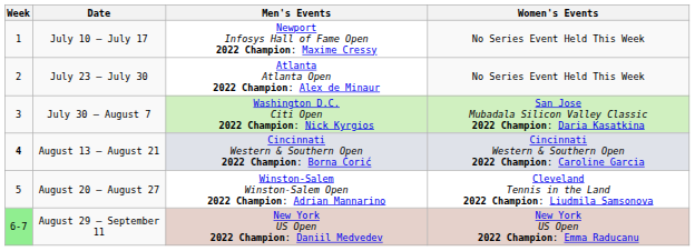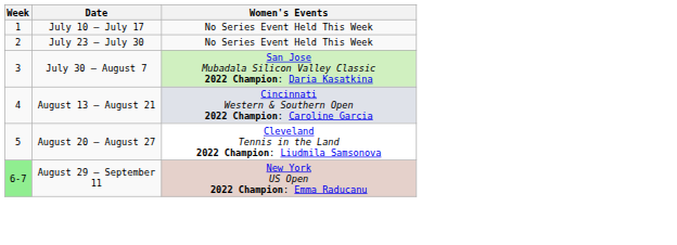 <table class="wikitable">
 <tr>
 <th width=30>Week</th>
 <th width=175>Date</th>
-<th width=350>Men's Events</th>
 <th width=350>Women's Events</th>
 </tr>
 <tr align=center>
 <td>1</td>
 <td>July 10 – July 17</td>
-<td bgcolor="#ffffff"><a href='#'>Newport</a><br><em>Infosys Hall of Fame Open</em><br><strong>2022 Champion</strong>:  <a href='#'>Maxime Cressy</a></td>
 <td>No Series Event Held This Week</td>
 </tr>
 <tr align=center>
 <td>2</td>
 <td>July 23 – July 30</td>
-<td bgcolor="#ffffff"><a href='#'>Atlanta</a><br><em>Atlanta Open</em><br><strong>2022 Champion</strong>:  <a href='#'>Alex de Minaur</a></td>
 <td>No Series Event Held This Week</td>
 </tr>
 <tr align=center>
 <td>3</td>
 <td>July 30 – August 7</td>
-<td bgcolor="#d0f0c0 "><a href='#'>Washington D.C.</a><br><em>Citi Open</em><br><strong>2022 Champion</strong>:  <a href='#'>Nick Kyrgios</a></td>
 <td bgcolor=#d0f0c0><a href='#'>San Jose</a><br><em>Mubadala Silicon Valley Classic</em><br><strong>2022 Champion</strong>:  <a href='#'>Daria Kasatkina</a></td>
 </tr>
 <tr align=center>
-<td><strong>4</strong></td>
+<td>4</td>
 <td>August 13 – August 21</td>
-<td bgcolor="#dfe2e9"><a href='#'>Cincinnati</a><br><em>Western & Southern Open</em><br><strong>2022 Champion</strong>:  <a href='#'>Borna Ćorić</a></td>
 <td bgcolor=#dfe2e9><a href='#'>Cincinnati</a><br><em>Western & Southern Open</em><br><strong>2022 Champion</strong>:  <a href='#'>Caroline Garcia</a></td>
 </tr>
 <tr align=center>
 <td>5</td>
 <td>August 20 – August 27</td>
-<td bgcolor="#ffffff"><a href='#'>Winston-Salem</a><br><em>Winston-Salem Open</em><br><strong>2022 Champion</strong>:  <a href='#'>Adrian Mannarino</a></td>
 <td bgcolor=#ffffff><a href='#'>Cleveland</a><br><em>Tennis in the Land</em><br><strong>2022 Champion</strong>:  <a href='#'>Liudmila Samsonova</a></td>
 </tr>
 <tr align=center>
 <td style="background: lightgreen;">6-7</td>
 <td>August 29 – September 11</td>
-<td bgcolor="#e5d1cb"><a href='#'>New York</a><br> <em>US Open</em><br><strong>2022 Champion</strong>:  <a href='#'>Daniil Medvedev</a></td>
 <td bgcolor="e5d1cb"><a href='#'>New York</a><br> <em>US Open</em><br><strong>2022 Champion</strong>:  <a href='#'>Emma Raducanu</a></td>
 </tr>
 </table>
